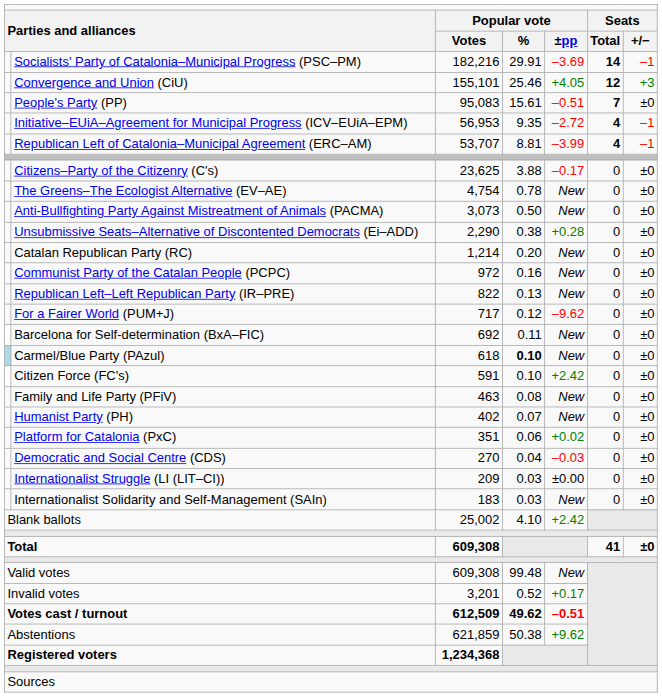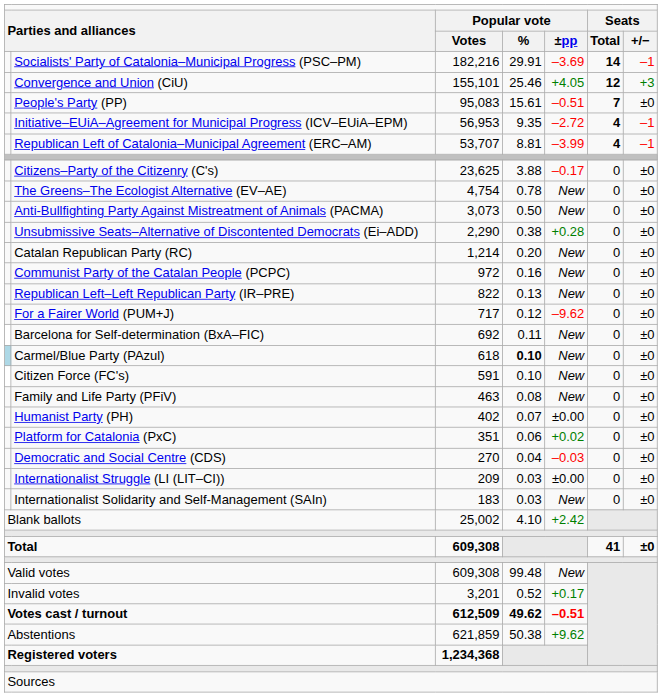 <table class="wikitable" style="text-align:right;">
 <tr>
 <td colspan="7"></td>
 </tr>
 <tr>
 <th style="text-align:left;" rowspan="2" colspan="2" width="525">Parties and alliances</th>
 <th colspan="3">Popular vote</th>
 <th colspan="2">Seats</th>
 </tr>
 <tr>
 <th width="75">Votes</th>
 <th width="45">%</th>
 <th width="45">±<a href='#'>pp</a></th>
 <th width="35">Total</th>
 <th width="35">+/−</th>
 </tr>
 <tr>
 <td width="1" style="color:inherit;background:"></td>
 <td align="left"><a href='#'>Socialists' Party of Catalonia–Municipal Progress</a> (PSC–PM)</td>
 <td>182,216</td>
 <td>29.91</td>
 <td style="color:red;">–3.69</td>
 <td><strong>14</strong></td>
 <td style="color:red;">–1</td>
 </tr>
 <tr>
 <td style="color:inherit;background:"></td>
 <td align="left"><a href='#'>Convergence and Union</a> (CiU)</td>
 <td>155,101</td>
 <td>25.46</td>
 <td style="color:green;">+4.05</td>
 <td><strong>12</strong></td>
 <td style="color:green;">+3</td>
 </tr>
 <tr>
 <td style="color:inherit;background:"></td>
 <td align="left"><a href='#'>People's Party</a> (PP)</td>
 <td>95,083</td>
 <td>15.61</td>
 <td style="color:red;">–0.51</td>
 <td><strong>7</strong></td>
 <td>±0</td>
 </tr>
 <tr>
 <td style="color:inherit;background:"></td>
 <td align="left"><a href='#'>Initiative–EUiA–Agreement for Municipal Progress</a> (ICV–EUiA–EPM)</td>
 <td>56,953</td>
 <td>9.35</td>
 <td style="color:red;">–2.72</td>
 <td><strong>4</strong></td>
 <td style="color:red;">–1</td>
 </tr>
 <tr>
 <td style="color:inherit;background:"></td>
 <td align="left"><a href='#'>Republican Left of Catalonia–Municipal Agreement</a> (ERC–AM)</td>
 <td>53,707</td>
 <td>8.81</td>
 <td style="color:red;">–3.99</td>
 <td><strong>4</strong></td>
 <td style="color:red;">–1</td>
 </tr>
 <tr>
 <td colspan="7" bgcolor="#C0C0C0"></td>
 </tr>
 <tr>
 <td style="color:inherit;background:"></td>
 <td align="left"><a href='#'>Citizens–Party of the Citizenry</a> (C's)</td>
 <td>23,625</td>
 <td>3.88</td>
 <td style="color:red;">–0.17</td>
 <td>0</td>
 <td>±0</td>
 </tr>
 <tr>
 <td style="color:inherit;background:"></td>
 <td align="left"><a href='#'>The Greens–The Ecologist Alternative</a> (EV–AE)</td>
 <td>4,754</td>
 <td>0.78</td>
 <td><em>New</em></td>
 <td>0</td>
 <td>±0</td>
 </tr>
 <tr>
 <td style="color:inherit;background:"></td>
 <td align="left"><a href='#'>Anti-Bullfighting Party Against Mistreatment of Animals</a> (PACMA)</td>
 <td>3,073</td>
 <td>0.50</td>
 <td><em>New</em></td>
 <td>0</td>
 <td>±0</td>
 </tr>
 <tr>
 <td style="color:inherit;background:"></td>
 <td align="left"><a href='#'>Unsubmissive Seats–Alternative of Discontented Democrats</a> (Ei–ADD)</td>
 <td>2,290</td>
 <td>0.38</td>
 <td style="color:green;">+0.28</td>
 <td>0</td>
 <td>±0</td>
 </tr>
 <tr>
 <td style="color:inherit;background:"></td>
 <td align="left">Catalan Republican Party (RC)</td>
 <td>1,214</td>
 <td>0.20</td>
 <td><em>New</em></td>
 <td>0</td>
 <td>±0</td>
 </tr>
 <tr>
 <td style="color:inherit;background:"></td>
 <td align="left"><a href='#'>Communist Party of the Catalan People</a> (PCPC)</td>
 <td>972</td>
 <td>0.16</td>
 <td><em>New</em></td>
 <td>0</td>
 <td>±0</td>
 </tr>
 <tr>
 <td style="color:inherit;background:"></td>
 <td align="left"><a href='#'>Republican Left–Left Republican Party</a> (IR–PRE)</td>
 <td>822</td>
 <td>0.13</td>
 <td><em>New</em></td>
 <td>0</td>
 <td>±0</td>
 </tr>
 <tr>
 <td style="color:inherit;background:"></td>
 <td align="left"><a href='#'>For a Fairer World</a> (PUM+J)</td>
 <td>717</td>
 <td>0.12</td>
 <td style="color:red;">–9.62</td>
 <td>0</td>
 <td>±0</td>
 </tr>
 <tr>
 <td bgcolor="white"></td>
 <td align="left">Barcelona for Self-determination (BxA–FIC)</td>
 <td>692</td>
 <td>0.11</td>
 <td><em>New</em></td>
 <td>0</td>
 <td>±0</td>
 </tr>
 <tr>
 <td bgcolor="lightblue"></td>
 <td align="left">Carmel/Blue Party (PAzul)</td>
 <td>618</td>
 <td><strong>0.10</strong></td>
 <td><em>New</em></td>
 <td>0</td>
 <td>±0</td>
 </tr>
 <tr>
 <td bgcolor="white"></td>
 <td align="left">Citizen Force (FC's)</td>
 <td>591</td>
 <td>0.10</td>
-<td style="color:green;">+2.42</td>
+<td><em>New</em></td>
 <td>0</td>
 <td>±0</td>
 </tr>
 <tr>
 <td style="color:inherit;background:"></td>
 <td align="left">Family and Life Party (PFiV)</td>
 <td>463</td>
 <td>0.08</td>
 <td><em>New</em></td>
 <td>0</td>
 <td>±0</td>
 </tr>
 <tr>
 <td style="color:inherit;background:"></td>
 <td align="left"><a href='#'>Humanist Party</a> (PH)</td>
 <td>402</td>
 <td>0.07</td>
-<td><em>New</em></td>
+<td>±0.00</td>
 <td>0</td>
 <td>±0</td>
 </tr>
 <tr>
 <td style="color:inherit;background:"></td>
 <td align="left"><a href='#'>Platform for Catalonia</a> (PxC)</td>
 <td>351</td>
 <td>0.06</td>
 <td style="color:green;">+0.02</td>
 <td>0</td>
 <td>±0</td>
 </tr>
 <tr>
 <td style="color:inherit;background:"></td>
 <td align="left"><a href='#'>Democratic and Social Centre</a> (CDS)</td>
 <td>270</td>
 <td>0.04</td>
 <td style="color:red;">–0.03</td>
 <td>0</td>
 <td>±0</td>
 </tr>
 <tr>
 <td style="color:inherit;background:"></td>
 <td align="left"><a href='#'>Internationalist Struggle</a> (LI (LIT–CI))</td>
 <td>209</td>
 <td>0.03</td>
 <td>±0.00</td>
 <td>0</td>
 <td>±0</td>
 </tr>
 <tr>
 <td style="color:inherit;background:"></td>
 <td align="left">Internationalist Solidarity and Self-Management (SAIn)</td>
 <td>183</td>
 <td>0.03</td>
 <td><em>New</em></td>
 <td>0</td>
 <td>±0</td>
 </tr>
 <tr>
 <td align="left" colspan="2">Blank ballots</td>
 <td>25,002</td>
 <td>4.10</td>
 <td style="color:green;">+2.42</td>
 <td bgcolor="#E9E9E9" colspan="2"></td>
 </tr>
 <tr>
 <td colspan="7" bgcolor="#E9E9E9"></td>
 </tr>
 <tr style="font-weight:bold;">
 <td align="left" colspan="2">Total</td>
 <td>609,308</td>
 <td bgcolor="#E9E9E9" colspan="2"></td>
 <td>41</td>
 <td>±0</td>
 </tr>
 <tr>
 <td colspan="7" bgcolor="#E9E9E9"></td>
 </tr>
 <tr>
 <td align="left" colspan="2">Valid votes</td>
 <td>609,308</td>
 <td>99.48</td>
 <td><em>New</em></td>
 <td bgcolor="#E9E9E9" colspan="2" rowspan="5"></td>
 </tr>
 <tr>
 <td align="left" colspan="2">Invalid votes</td>
 <td>3,201</td>
 <td>0.52</td>
 <td style="color:green;">+0.17</td>
 </tr>
 <tr style="font-weight:bold;">
 <td align="left" colspan="2">Votes cast / turnout</td>
 <td>612,509</td>
 <td>49.62</td>
 <td style="color:red;">–0.51</td>
 </tr>
 <tr>
 <td align="left" colspan="2">Abstentions</td>
 <td>621,859</td>
 <td>50.38</td>
 <td style="color:green;">+9.62</td>
 </tr>
 <tr style="font-weight:bold;">
 <td align="left" colspan="2">Registered voters</td>
 <td>1,234,368</td>
 <td bgcolor="#E9E9E9" colspan="2"></td>
 </tr>
 <tr>
 <td colspan="7" bgcolor="#E9E9E9"></td>
 </tr>
 <tr>
 <td align="left" colspan="7">Sources</td>
 </tr>
 </table>
